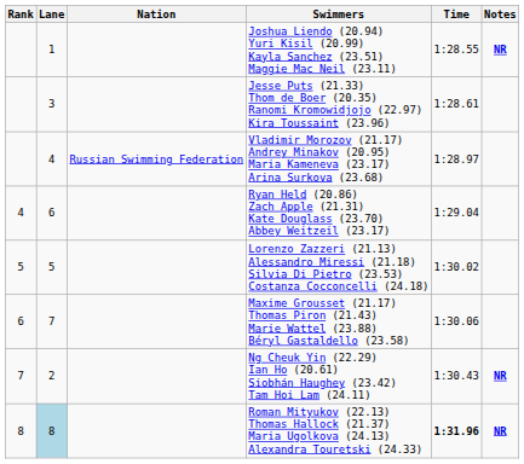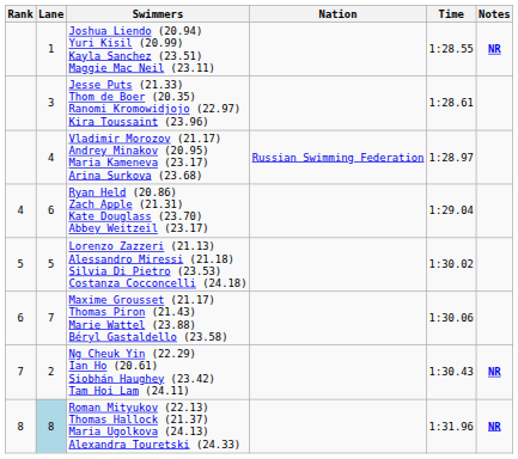 <table class="wikitable sortable" style="text-align:center">
 <tr>
 <th>Rank</th>
 <th>Lane</th>
+<th>Swimmers</th>
 <th>Nation</th>
-<th>Swimmers</th>
 <th>Time</th>
 <th>Notes</th>
 </tr>
 <tr>
 <td></td>
 <td>1</td>
+<td align=left><a href='#'>Joshua Liendo</a> (20.94)<br><a href='#'>Yuri Kisil</a> (20.99)<br><a href='#'>Kayla Sanchez</a> (23.51)<br><a href='#'>Maggie Mac Neil</a> (23.11)</td>
 <td align=left></td>
-<td align=left><a href='#'>Joshua Liendo</a> (20.94)<br><a href='#'>Yuri Kisil</a> (20.99)<br><a href='#'>Kayla Sanchez</a> (23.51)<br><a href='#'>Maggie Mac Neil</a> (23.11)</td>
 <td>1:28.55</td>
 <td><strong><a href='#'>NR</a></strong></td>
 </tr>
 <tr>
 <td></td>
 <td>3</td>
+<td align=left><a href='#'>Jesse Puts</a> (21.33)<br><a href='#'>Thom de Boer</a> (20.35)<br><a href='#'>Ranomi Kromowidjojo</a> (22.97)<br><a href='#'>Kira Toussaint</a> (23.96)</td>
 <td align=left></td>
-<td align=left><a href='#'>Jesse Puts</a> (21.33)<br><a href='#'>Thom de Boer</a> (20.35)<br><a href='#'>Ranomi Kromowidjojo</a> (22.97)<br><a href='#'>Kira Toussaint</a> (23.96)</td>
 <td>1:28.61</td>
 <td></td>
 </tr>
 <tr>
 <td></td>
 <td>4</td>
+<td align=left><a href='#'>Vladimir Morozov</a> (21.17)<br><a href='#'>Andrey Minakov</a> (20.95)<br><a href='#'>Maria Kameneva</a> (23.17)<br><a href='#'>Arina Surkova</a> (23.68)</td>
 <td align=left> <a href='#'>Russian Swimming Federation</a></td>
-<td align=left><a href='#'>Vladimir Morozov</a> (21.17)<br><a href='#'>Andrey Minakov</a> (20.95)<br><a href='#'>Maria Kameneva</a> (23.17)<br><a href='#'>Arina Surkova</a> (23.68)</td>
 <td>1:28.97</td>
 <td></td>
 </tr>
 <tr>
 <td>4</td>
 <td>6</td>
+<td align=left><a href='#'>Ryan Held</a> (20.86)<br><a href='#'>Zach Apple</a> (21.31)<br><a href='#'>Kate Douglass</a> (23.70)<br><a href='#'>Abbey Weitzeil</a> (23.17)</td>
 <td align=left></td>
-<td align=left><a href='#'>Ryan Held</a> (20.86)<br><a href='#'>Zach Apple</a> (21.31)<br><a href='#'>Kate Douglass</a> (23.70)<br><a href='#'>Abbey Weitzeil</a> (23.17)</td>
 <td>1:29.04</td>
 <td></td>
 </tr>
 <tr>
 <td>5</td>
 <td>5</td>
+<td align=left><a href='#'>Lorenzo Zazzeri</a> (21.13)<br><a href='#'>Alessandro Miressi</a> (21.18)<br><a href='#'>Silvia Di Pietro</a> (23.53)<br><a href='#'>Costanza Cocconcelli</a> (24.18)</td>
 <td align=left></td>
-<td align=left><a href='#'>Lorenzo Zazzeri</a> (21.13)<br><a href='#'>Alessandro Miressi</a> (21.18)<br><a href='#'>Silvia Di Pietro</a> (23.53)<br><a href='#'>Costanza Cocconcelli</a> (24.18)</td>
 <td>1:30.02</td>
 <td></td>
 </tr>
 <tr>
 <td>6</td>
 <td>7</td>
+<td align=left><a href='#'>Maxime Grousset</a> (21.17)<br><a href='#'>Thomas Piron</a> (21.43)<br><a href='#'>Marie Wattel</a> (23.88)<br><a href='#'>Béryl Gastaldello</a> (23.58)</td>
 <td align=left></td>
-<td align=left><a href='#'>Maxime Grousset</a> (21.17)<br><a href='#'>Thomas Piron</a> (21.43)<br><a href='#'>Marie Wattel</a> (23.88)<br><a href='#'>Béryl Gastaldello</a> (23.58)</td>
 <td>1:30.06</td>
 <td></td>
 </tr>
 <tr>
 <td>7</td>
 <td>2</td>
+<td align=left><a href='#'>Ng Cheuk Yin</a> (22.29)<br><a href='#'>Ian Ho</a> (20.61)<br><a href='#'>Siobhán Haughey</a> (23.42)<br><a href='#'>Tam Hoi Lam</a> (24.11)</td>
 <td align=left></td>
-<td align=left><a href='#'>Ng Cheuk Yin</a> (22.29)<br><a href='#'>Ian Ho</a> (20.61)<br><a href='#'>Siobhán Haughey</a> (23.42)<br><a href='#'>Tam Hoi Lam</a> (24.11)</td>
 <td>1:30.43</td>
 <td><strong><a href='#'>NR</a></strong></td>
 </tr>
 <tr>
 <td>8</td>
 <td style="background: lightblue;">8</td>
+<td align=left><a href='#'>Roman Mityukov</a> (22.13)<br><a href='#'>Thomas Hallock</a> (21.37)<br><a href='#'>Maria Ugolkova</a> (24.13)<br><a href='#'>Alexandra Touretski</a> (24.33)</td>
 <td align=left></td>
-<td align=left><a href='#'>Roman Mityukov</a> (22.13)<br><a href='#'>Thomas Hallock</a> (21.37)<br><a href='#'>Maria Ugolkova</a> (24.13)<br><a href='#'>Alexandra Touretski</a> (24.33)</td>
-<td><strong>1:31.96</strong></td>
+<td>1:31.96</td>
 <td><strong><a href='#'>NR</a></strong></td>
 </tr>
 </table>
